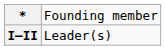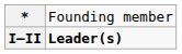 <table class="wikitable">
 <tr>
 <th>*</th>
 <td>Founding member</td>
 </tr>
 <tr>
 <th><strong>I–II</strong></th>
-<td>Leader(s)</td>
+<td><strong>Leader(s)</strong></td>
 </tr>
 </table>
